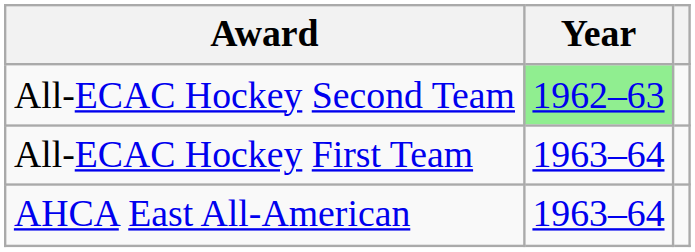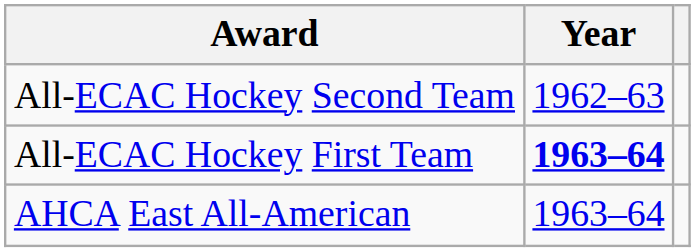 <table class="wikitable">
 <tr>
 <th>Award</th>
 <th>Year</th>
 <th></th>
 </tr>
 <tr>
 <td>All-<a href='#'>ECAC Hockey</a> <a href='#'>Second Team</a></td>
-<td style="background: lightgreen;"><a href='#'>1962–63</a></td>
+<td><a href='#'>1962–63</a></td>
 <td></td>
 </tr>
 <tr>
 <td>All-<a href='#'>ECAC Hockey</a> <a href='#'>First Team</a></td>
-<td><a href='#'>1963–64</a></td>
+<td><strong><a href='#'>1963–64</a></strong></td>
 <td></td>
 </tr>
 <tr>
 <td><a href='#'>AHCA</a> <a href='#'>East All-American</a></td>
 <td><a href='#'>1963–64</a></td>
 <td></td>
 </tr>
 </table>
